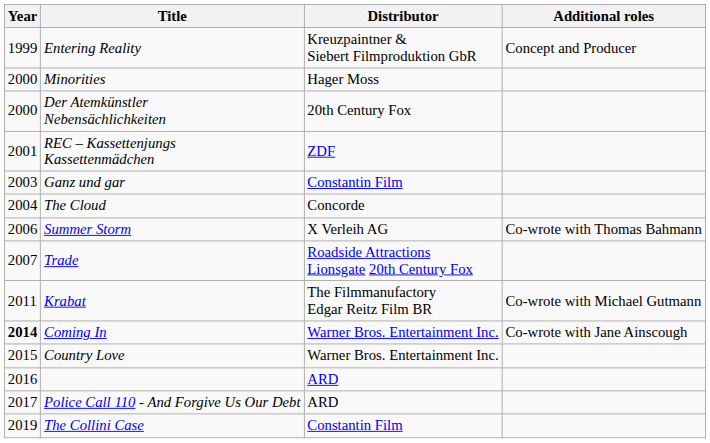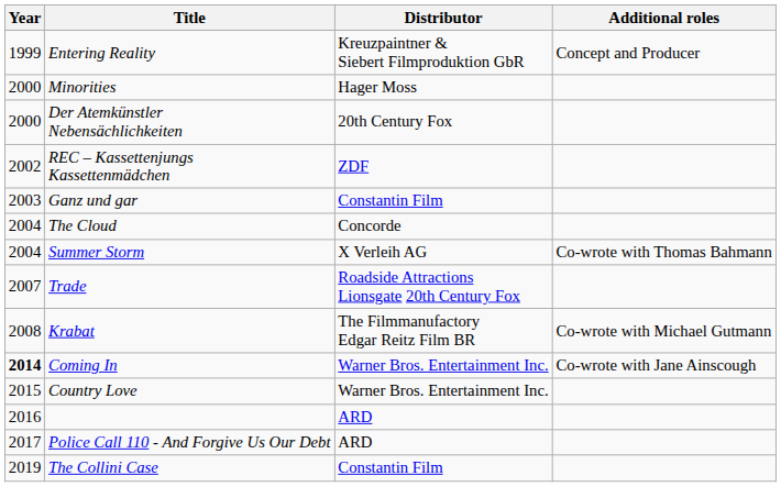 <table class="wikitable">
 <tr>
 <th>Year</th>
 <th>Title</th>
 <th>Distributor</th>
 <th>Additional roles</th>
 </tr>
 <tr>
 <td>1999</td>
 <td><em>Entering Reality</em></td>
 <td>Kreuzpaintner &<br>Siebert Filmproduktion GbR</td>
 <td>Concept and Producer</td>
 </tr>
 <tr>
 <td>2000</td>
 <td><em>Minorities</em></td>
 <td>Hager Moss</td>
 <td></td>
 </tr>
 <tr>
 <td>2000</td>
 <td><em>Der Atemkünstler</em><br><em>Nebensächlichkeiten</em></td>
 <td>20th Century Fox</td>
 <td></td>
 </tr>
 <tr>
-<td>2001</td>
+<td>2002</td>
 <td><em>REC – Kassettenjungs</em><br><em>Kassettenmädchen</em></td>
 <td><a href='#'>ZDF</a></td>
 <td></td>
 </tr>
 <tr>
 <td>2003</td>
 <td><em>Ganz und gar</em></td>
 <td><a href='#'>Constantin Film</a></td>
 <td></td>
 </tr>
 <tr>
 <td>2004</td>
 <td><em>The Cloud</em></td>
 <td>Concorde</td>
 <td></td>
 </tr>
 <tr>
-<td>2006</td>
+<td>2004</td>
 <td><em><a href='#'>Summer Storm</a></em></td>
 <td>X Verleih AG</td>
 <td>Co-wrote with Thomas Bahmann</td>
 </tr>
 <tr>
 <td>2007</td>
 <td><em><a href='#'>Trade</a></em></td>
 <td><a href='#'>Roadside Attractions</a><br><a href='#'>Lionsgate</a> <a href='#'>20th Century Fox</a></td>
 <td></td>
 </tr>
 <tr>
-<td>2011</td>
+<td>2008</td>
 <td><em><a href='#'>Krabat</a></em></td>
 <td>The Filmmanufactory<br>Edgar Reitz Film BR</td>
 <td>Co-wrote with Michael Gutmann</td>
 </tr>
 <tr>
 <td><strong>2014</strong></td>
 <td><em><a href='#'>Coming In</a></em></td>
 <td><a href='#'>Warner Bros. Entertainment Inc.</a></td>
 <td>Co-wrote with Jane Ainscough</td>
 </tr>
 <tr>
 <td>2015</td>
 <td><em>Country Love</em></td>
 <td>Warner Bros. Entertainment Inc.</td>
 <td></td>
 </tr>
 <tr>
 <td>2016</td>
 <td><em></em></td>
 <td><a href='#'>ARD</a></td>
 <td></td>
 </tr>
 <tr>
 <td>2017</td>
 <td><em><a href='#'>Police Call 110</a> - And Forgive Us Our Debt</em></td>
 <td>ARD</td>
 <td></td>
 </tr>
 <tr>
 <td>2019</td>
 <td><em><a href='#'>The Collini Case</a></em></td>
 <td><a href='#'>Constantin Film</a></td>
 <td></td>
 </tr>
 </table>
